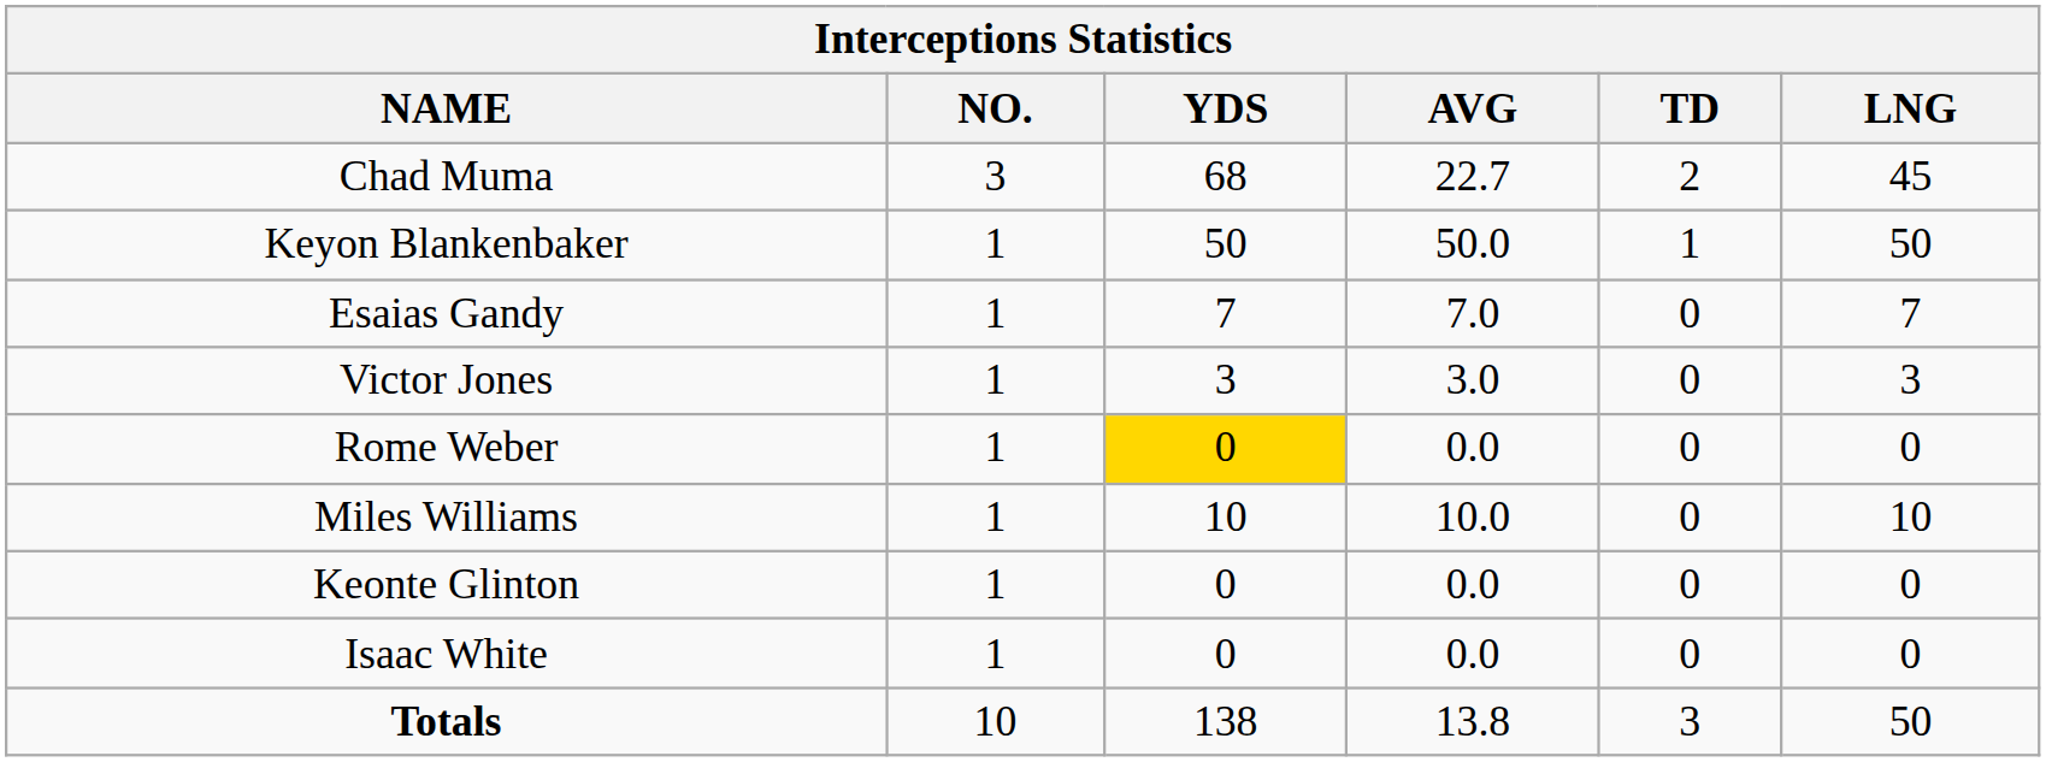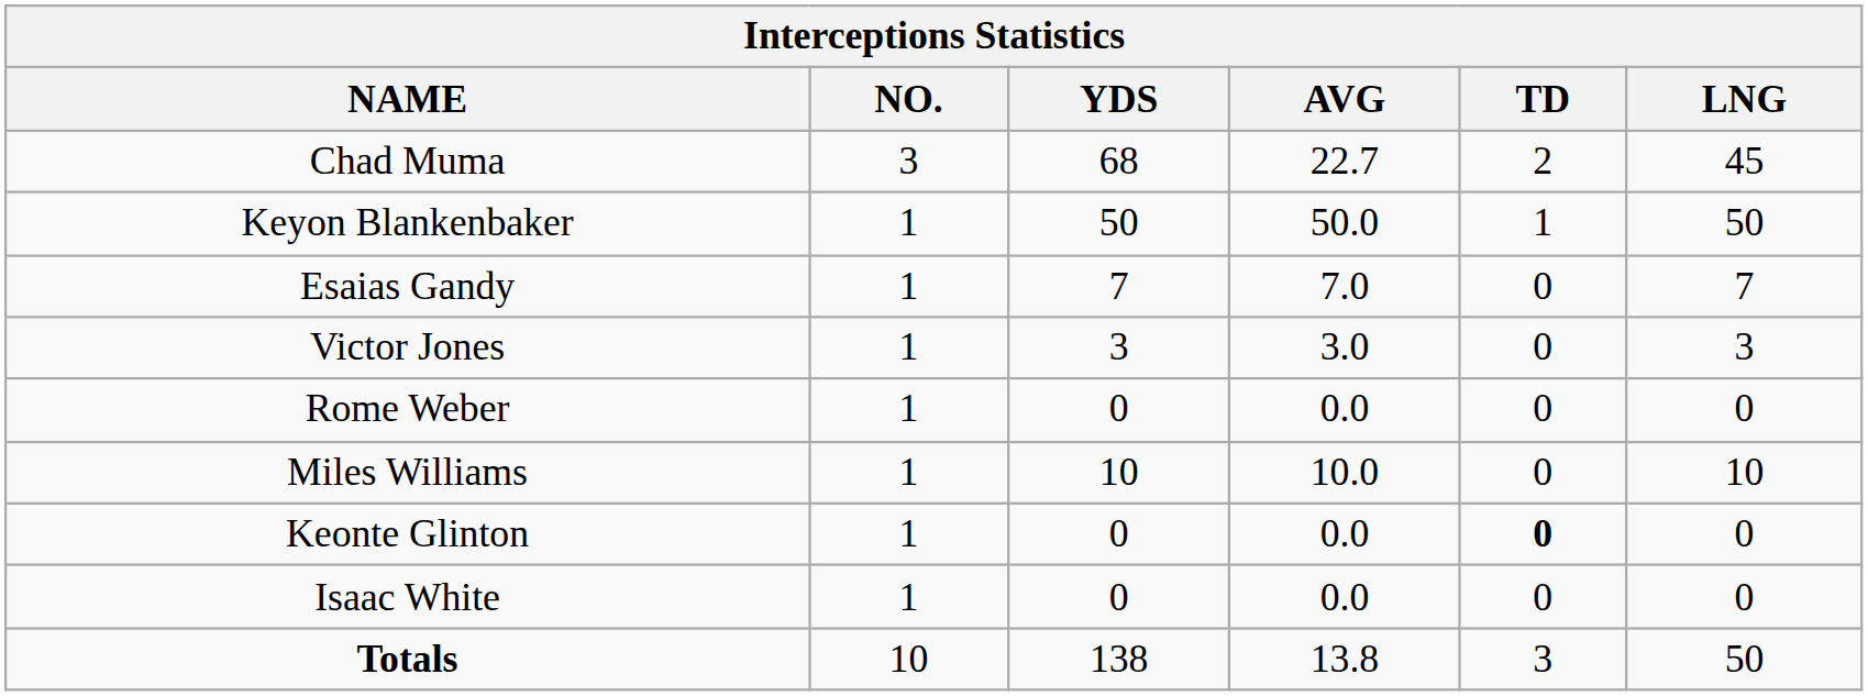 <table style="width:60%; text-align:center;" class="wikitable collapsible collapsed">
 <tr>
 <th colspan="16">Interceptions Statistics</th>
 </tr>
 <tr>
 <th>NAME</th>
 <th>NO.</th>
 <th>YDS</th>
 <th>AVG</th>
 <th>TD</th>
 <th>LNG</th>
 </tr>
 <tr>
 <td>Chad Muma</td>
 <td>3</td>
 <td>68</td>
 <td>22.7</td>
 <td>2</td>
 <td>45</td>
 </tr>
 <tr>
 <td>Keyon Blankenbaker</td>
 <td>1</td>
 <td>50</td>
 <td>50.0</td>
 <td>1</td>
 <td>50</td>
 </tr>
 <tr>
 <td>Esaias Gandy</td>
 <td>1</td>
 <td>7</td>
 <td>7.0</td>
 <td>0</td>
 <td>7</td>
 </tr>
 <tr>
 <td>Victor Jones</td>
 <td>1</td>
 <td>3</td>
 <td>3.0</td>
 <td>0</td>
 <td>3</td>
 </tr>
 <tr>
 <td>Rome Weber</td>
 <td>1</td>
-<td style="background: gold;">0</td>
+<td>0</td>
 <td>0.0</td>
 <td>0</td>
 <td>0</td>
 </tr>
 <tr>
 <td>Miles Williams</td>
 <td>1</td>
 <td>10</td>
 <td>10.0</td>
 <td>0</td>
 <td>10</td>
 </tr>
 <tr>
 <td>Keonte Glinton</td>
 <td>1</td>
 <td>0</td>
 <td>0.0</td>
-<td>0</td>
+<td><strong>0</strong></td>
 <td>0</td>
 </tr>
 <tr>
 <td>Isaac White</td>
 <td>1</td>
 <td>0</td>
 <td>0.0</td>
 <td>0</td>
 <td>0</td>
 </tr>
 <tr>
 <td><strong>Totals</strong></td>
 <td>10</td>
 <td>138</td>
 <td>13.8</td>
 <td>3</td>
 <td>50</td>
 </tr>
 </table>
